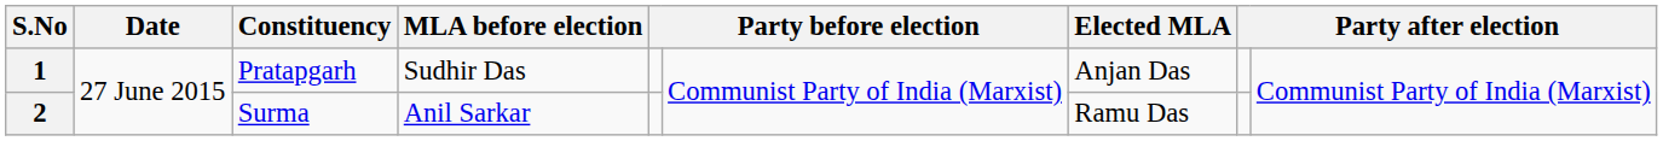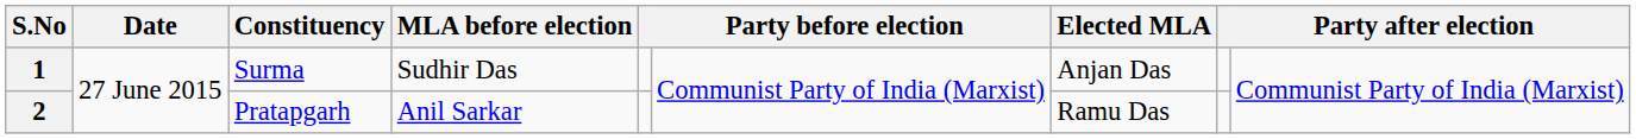 <table class="wikitable sortable">
 <tr>
 <th>S.No</th>
 <th>Date</th>
 <th>Constituency</th>
 <th>MLA before election</th>
 <th colspan="2">Party before election</th>
 <th>Elected MLA</th>
 <th colspan="2">Party after election</th>
 </tr>
 <tr>
 <th>1</th>
 <td rowspan="2">27 June 2015</td>
-<td><a href='#'>Pratapgarh</a></td>
+<td><a href='#'>Surma</a></td>
 <td>Sudhir Das</td>
 <td></td>
 <td rowspan="2"><a href='#'>Communist Party of India (Marxist)</a></td>
 <td>Anjan Das</td>
 <td></td>
 <td rowspan="2"><a href='#'>Communist Party of India (Marxist)</a></td>
 </tr>
 <tr>
 <th>2</th>
-<td><a href='#'>Surma</a></td>
+<td><a href='#'>Pratapgarh</a></td>
 <td><a href='#'>Anil Sarkar</a></td>
 <td></td>
 <td>Ramu Das</td>
 <td></td>
 </tr>
 </table>
